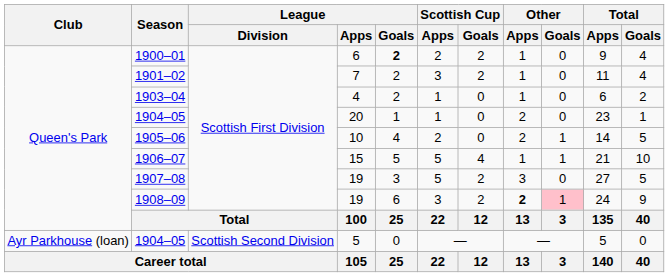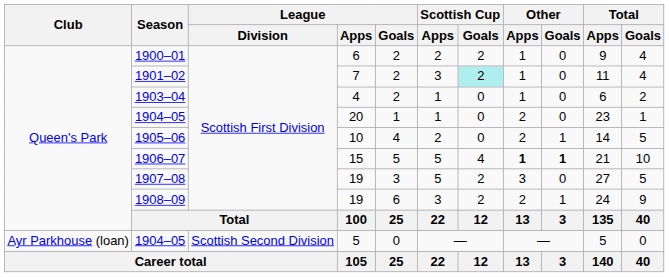 <table class="wikitable" style="text-align: center;">
 <tr>
 <th rowspan="2">Club</th>
 <th rowspan="2">Season</th>
 <th colspan="3">League</th>
 <th colspan="2">Scottish Cup</th>
 <th colspan="2">Other</th>
 <th colspan="2">Total</th>
 </tr>
 <tr>
 <th>Division</th>
 <th>Apps</th>
 <th>Goals</th>
 <th>Apps</th>
 <th>Goals</th>
 <th>Apps</th>
 <th>Goals</th>
 <th>Apps</th>
 <th>Goals</th>
 </tr>
 <tr>
 <td rowspan="9"><a href='#'>Queen's Park</a></td>
 <td><a href='#'>1900–01</a></td>
 <td rowspan="8"><a href='#'>Scottish First Division</a></td>
 <td>6</td>
-<td><strong>2</strong></td>
+<td>2</td>
 <td>2</td>
 <td>2</td>
 <td>1</td>
 <td>0</td>
 <td>9</td>
 <td>4</td>
 </tr>
 <tr>
 <td><a href='#'>1901–02</a></td>
 <td>7</td>
 <td>2</td>
 <td>3</td>
-<td>2</td>
+<td style="background: paleturquoise;">2</td>
 <td>1</td>
 <td>0</td>
 <td>11</td>
 <td>4</td>
 </tr>
 <tr>
 <td><a href='#'>1903–04</a></td>
 <td>4</td>
 <td>2</td>
 <td>1</td>
 <td>0</td>
 <td>1</td>
 <td>0</td>
 <td>6</td>
 <td>2</td>
 </tr>
 <tr>
 <td><a href='#'>1904–05</a></td>
 <td>20</td>
 <td>1</td>
 <td>1</td>
 <td>0</td>
 <td>2</td>
 <td>0</td>
 <td>23</td>
 <td>1</td>
 </tr>
 <tr>
 <td><a href='#'>1905–06</a></td>
 <td>10</td>
 <td>4</td>
 <td>2</td>
 <td>0</td>
 <td>2</td>
 <td>1</td>
 <td>14</td>
 <td>5</td>
 </tr>
 <tr>
 <td><a href='#'>1906–07</a></td>
 <td>15</td>
 <td>5</td>
 <td>5</td>
 <td>4</td>
-<td>1</td>
-<td>1</td>
+<td><strong>1</strong></td>
+<td><strong>1</strong></td>
 <td>21</td>
 <td>10</td>
 </tr>
 <tr>
 <td><a href='#'>1907–08</a></td>
 <td>19</td>
 <td>3</td>
 <td>5</td>
 <td>2</td>
 <td>3</td>
 <td>0</td>
 <td>27</td>
 <td>5</td>
 </tr>
 <tr>
 <td><a href='#'>1908–09</a></td>
 <td>19</td>
 <td>6</td>
 <td>3</td>
 <td>2</td>
-<td><strong>2</strong></td>
-<td style="background: pink;">1</td>
+<td>2</td>
+<td>1</td>
 <td>24</td>
 <td>9</td>
 </tr>
 <tr>
 <th colspan="2">Total</th>
 <th>100</th>
 <th>25</th>
 <th>22</th>
 <th>12</th>
 <th>13</th>
 <th>3</th>
 <th>135</th>
 <th>40</th>
 </tr>
 <tr>
 <td><a href='#'>Ayr Parkhouse</a> (loan)</td>
 <td><a href='#'>1904–05</a></td>
 <td><a href='#'>Scottish Second Division</a></td>
 <td>5</td>
 <td>0</td>
 <td colspan="2">—</td>
 <td colspan="2">—</td>
 <td>5</td>
 <td>0</td>
 </tr>
 <tr>
 <th colspan="3">Career total</th>
 <th>105</th>
 <th>25</th>
 <th>22</th>
 <th>12</th>
 <th>13</th>
 <th>3</th>
 <th>140</th>
 <th>40</th>
 </tr>
 </table>
